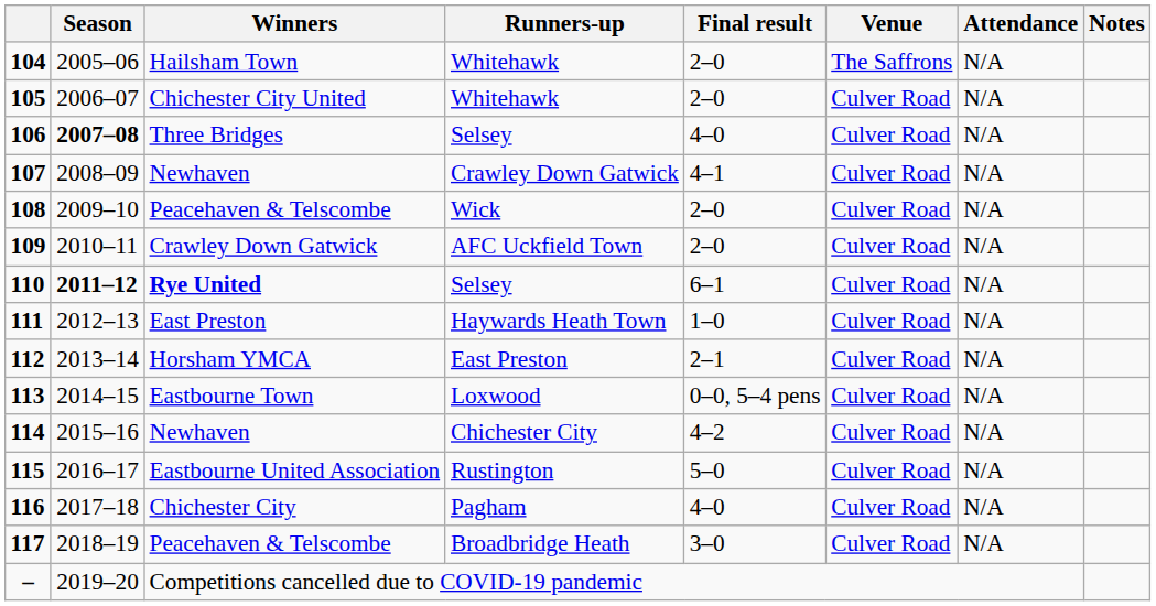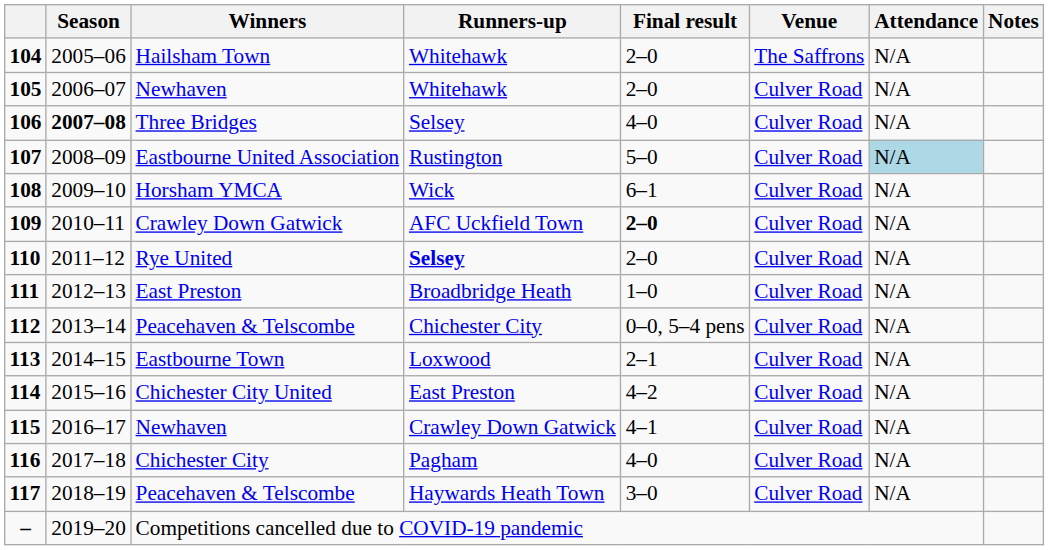 <table class=wikitable>
 <tr>
 <th></th>
 <th>Season</th>
 <th>Winners</th>
 <th>Runners-up</th>
 <th>Final result</th>
 <th>Venue</th>
 <th>Attendance</th>
 <th>Notes</th>
 </tr>
 <tr>
 <td><strong>104</strong></td>
 <td>2005–06</td>
 <td><a href='#'>Hailsham Town</a></td>
 <td><a href='#'>Whitehawk</a></td>
 <td>2–0</td>
 <td><a href='#'>The Saffrons</a></td>
 <td>N/A</td>
 <td></td>
 </tr>
 <tr>
 <td><strong>105</strong></td>
 <td>2006–07</td>
-<td><a href='#'>Chichester City United</a></td>
+<td><a href='#'>Newhaven</a></td>
 <td><a href='#'>Whitehawk</a></td>
 <td>2–0</td>
 <td><a href='#'>Culver Road</a></td>
 <td>N/A</td>
 <td></td>
 </tr>
 <tr>
 <td><strong>106</strong></td>
 <td><strong>2007–08</strong></td>
 <td><a href='#'>Three Bridges</a></td>
 <td><a href='#'>Selsey</a></td>
 <td>4–0</td>
 <td><a href='#'>Culver Road</a></td>
 <td>N/A</td>
 <td></td>
 </tr>
 <tr>
 <td><strong>107</strong></td>
 <td>2008–09</td>
-<td><a href='#'>Newhaven</a></td>
-<td><a href='#'>Crawley Down Gatwick</a></td>
-<td>4–1</td>
+<td><a href='#'>Eastbourne United Association</a></td>
+<td><a href='#'>Rustington</a></td>
+<td>5–0</td>
 <td><a href='#'>Culver Road</a></td>
-<td>N/A</td>
+<td style="background: lightblue;">N/A</td>
 <td></td>
 </tr>
 <tr>
 <td><strong>108</strong></td>
 <td>2009–10</td>
-<td><a href='#'>Peacehaven & Telscombe</a></td>
+<td><a href='#'>Horsham YMCA</a></td>
 <td><a href='#'>Wick</a></td>
-<td>2–0</td>
+<td>6–1</td>
 <td><a href='#'>Culver Road</a></td>
 <td>N/A</td>
 <td></td>
 </tr>
 <tr>
 <td><strong>109</strong></td>
 <td>2010–11</td>
 <td><a href='#'>Crawley Down Gatwick</a></td>
 <td><a href='#'>AFC Uckfield Town</a></td>
-<td>2–0</td>
+<td><strong>2–0</strong></td>
 <td><a href='#'>Culver Road</a></td>
 <td>N/A</td>
 <td></td>
 </tr>
 <tr>
 <td><strong>110</strong></td>
-<td><strong>2011–12</strong></td>
-<td><strong><a href='#'>Rye United</a></strong></td>
-<td><a href='#'>Selsey</a></td>
-<td>6–1</td>
+<td>2011–12</td>
+<td><a href='#'>Rye United</a></td>
+<td><strong><a href='#'>Selsey</a></strong></td>
+<td>2–0</td>
 <td><a href='#'>Culver Road</a></td>
 <td>N/A</td>
 <td></td>
 </tr>
 <tr>
 <td><strong>111</strong></td>
 <td>2012–13</td>
 <td><a href='#'>East Preston</a></td>
-<td><a href='#'>Haywards Heath Town</a></td>
+<td><a href='#'>Broadbridge Heath</a></td>
 <td>1–0</td>
 <td><a href='#'>Culver Road</a></td>
 <td>N/A</td>
 <td></td>
 </tr>
 <tr>
 <td><strong>112</strong></td>
 <td>2013–14</td>
-<td><a href='#'>Horsham YMCA</a></td>
-<td><a href='#'>East Preston</a></td>
-<td>2–1</td>
+<td><a href='#'>Peacehaven & Telscombe</a></td>
+<td><a href='#'>Chichester City</a></td>
+<td>0–0, 5–4 pens</td>
 <td><a href='#'>Culver Road</a></td>
 <td>N/A</td>
 <td></td>
 </tr>
 <tr>
 <td><strong>113</strong></td>
 <td>2014–15</td>
 <td><a href='#'>Eastbourne Town</a></td>
 <td><a href='#'>Loxwood</a></td>
-<td>0–0, 5–4 pens</td>
+<td>2–1</td>
 <td><a href='#'>Culver Road</a></td>
 <td>N/A</td>
 <td></td>
 </tr>
 <tr>
 <td><strong>114</strong></td>
 <td>2015–16</td>
-<td><a href='#'>Newhaven</a></td>
-<td><a href='#'>Chichester City</a></td>
+<td><a href='#'>Chichester City United</a></td>
+<td><a href='#'>East Preston</a></td>
 <td>4–2</td>
 <td><a href='#'>Culver Road</a></td>
 <td>N/A</td>
 <td></td>
 </tr>
 <tr>
 <td><strong>115</strong></td>
 <td>2016–17</td>
-<td><a href='#'>Eastbourne United Association</a></td>
-<td><a href='#'>Rustington</a></td>
-<td>5–0</td>
+<td><a href='#'>Newhaven</a></td>
+<td><a href='#'>Crawley Down Gatwick</a></td>
+<td>4–1</td>
 <td><a href='#'>Culver Road</a></td>
 <td>N/A</td>
 <td></td>
 </tr>
 <tr>
 <td><strong>116</strong></td>
 <td>2017–18</td>
 <td><a href='#'>Chichester City</a></td>
 <td><a href='#'>Pagham</a></td>
 <td>4–0</td>
 <td><a href='#'>Culver Road</a></td>
 <td>N/A</td>
 <td></td>
 </tr>
 <tr>
 <td><strong>117</strong></td>
 <td>2018–19</td>
 <td><a href='#'>Peacehaven & Telscombe</a></td>
-<td><a href='#'>Broadbridge Heath</a></td>
+<td><a href='#'>Haywards Heath Town</a></td>
 <td>3–0</td>
 <td><a href='#'>Culver Road</a></td>
 <td>N/A</td>
 <td></td>
 </tr>
 <tr>
 <td align=center><strong>–</strong></td>
 <td>2019–20</td>
 <td colspan=5 rowspan=2>Competitions cancelled due to <a href='#'>COVID-19 pandemic</a></td>
 <td rowspan=2></td>
 </tr>
 </table>
